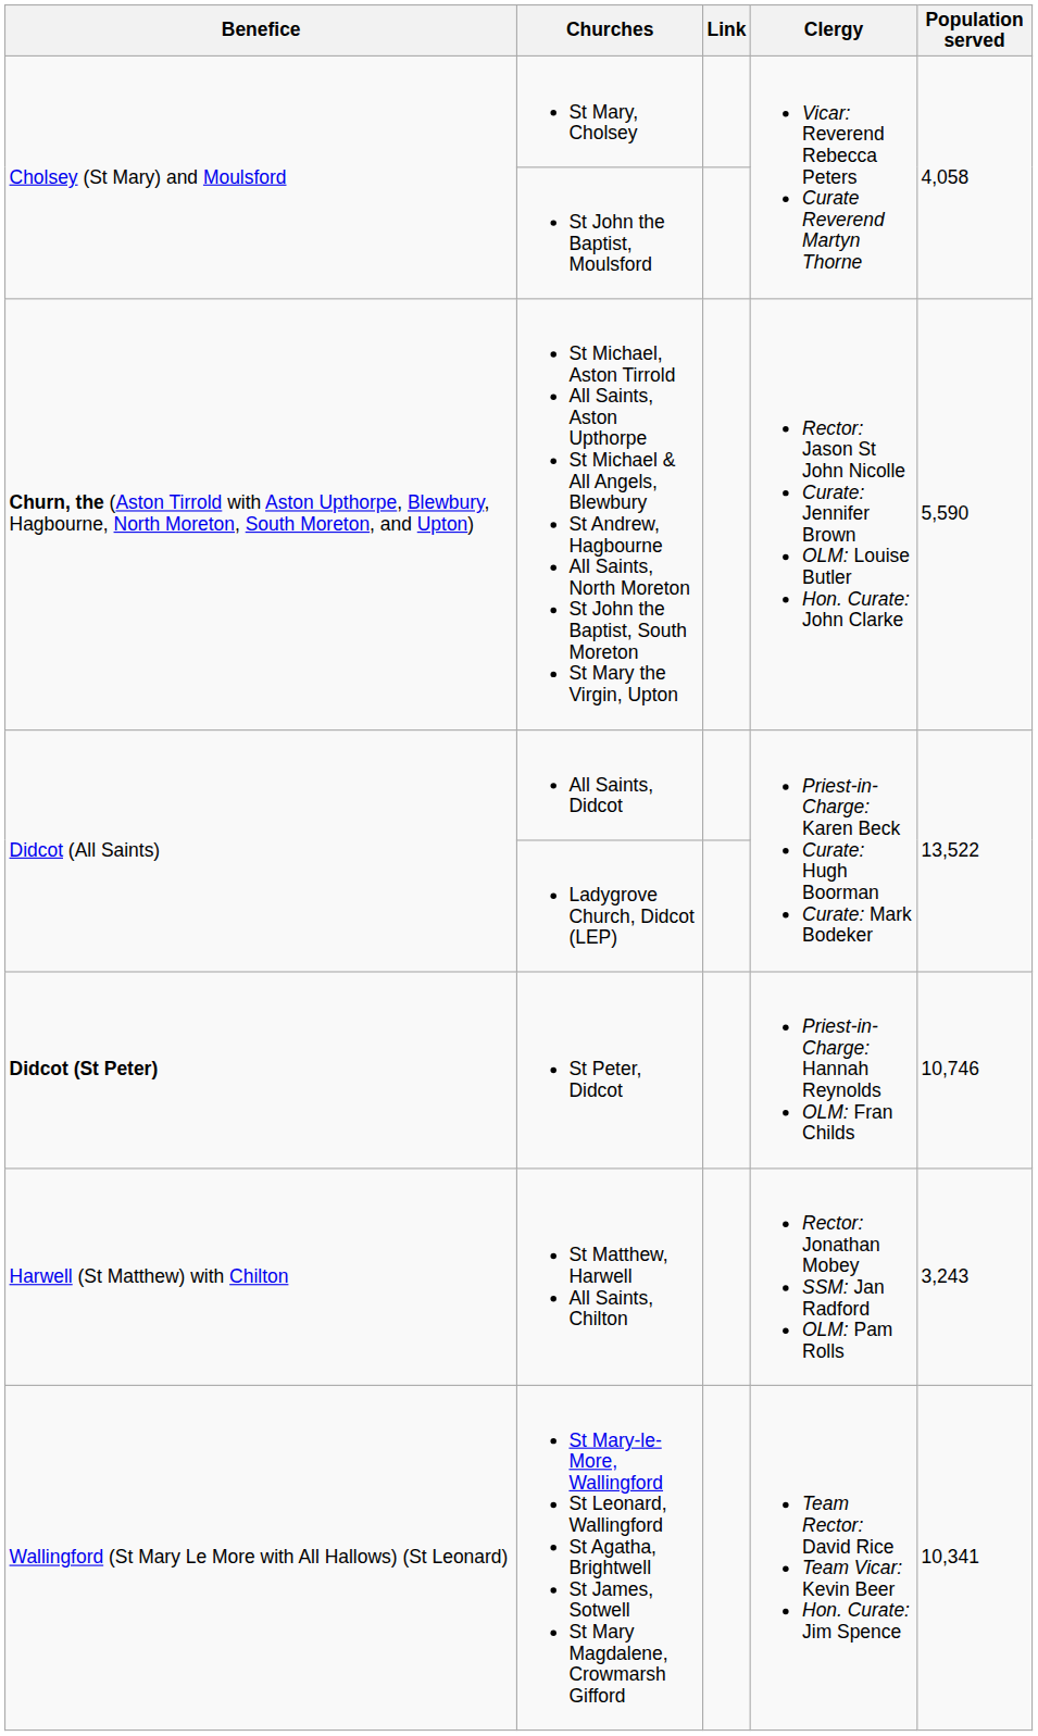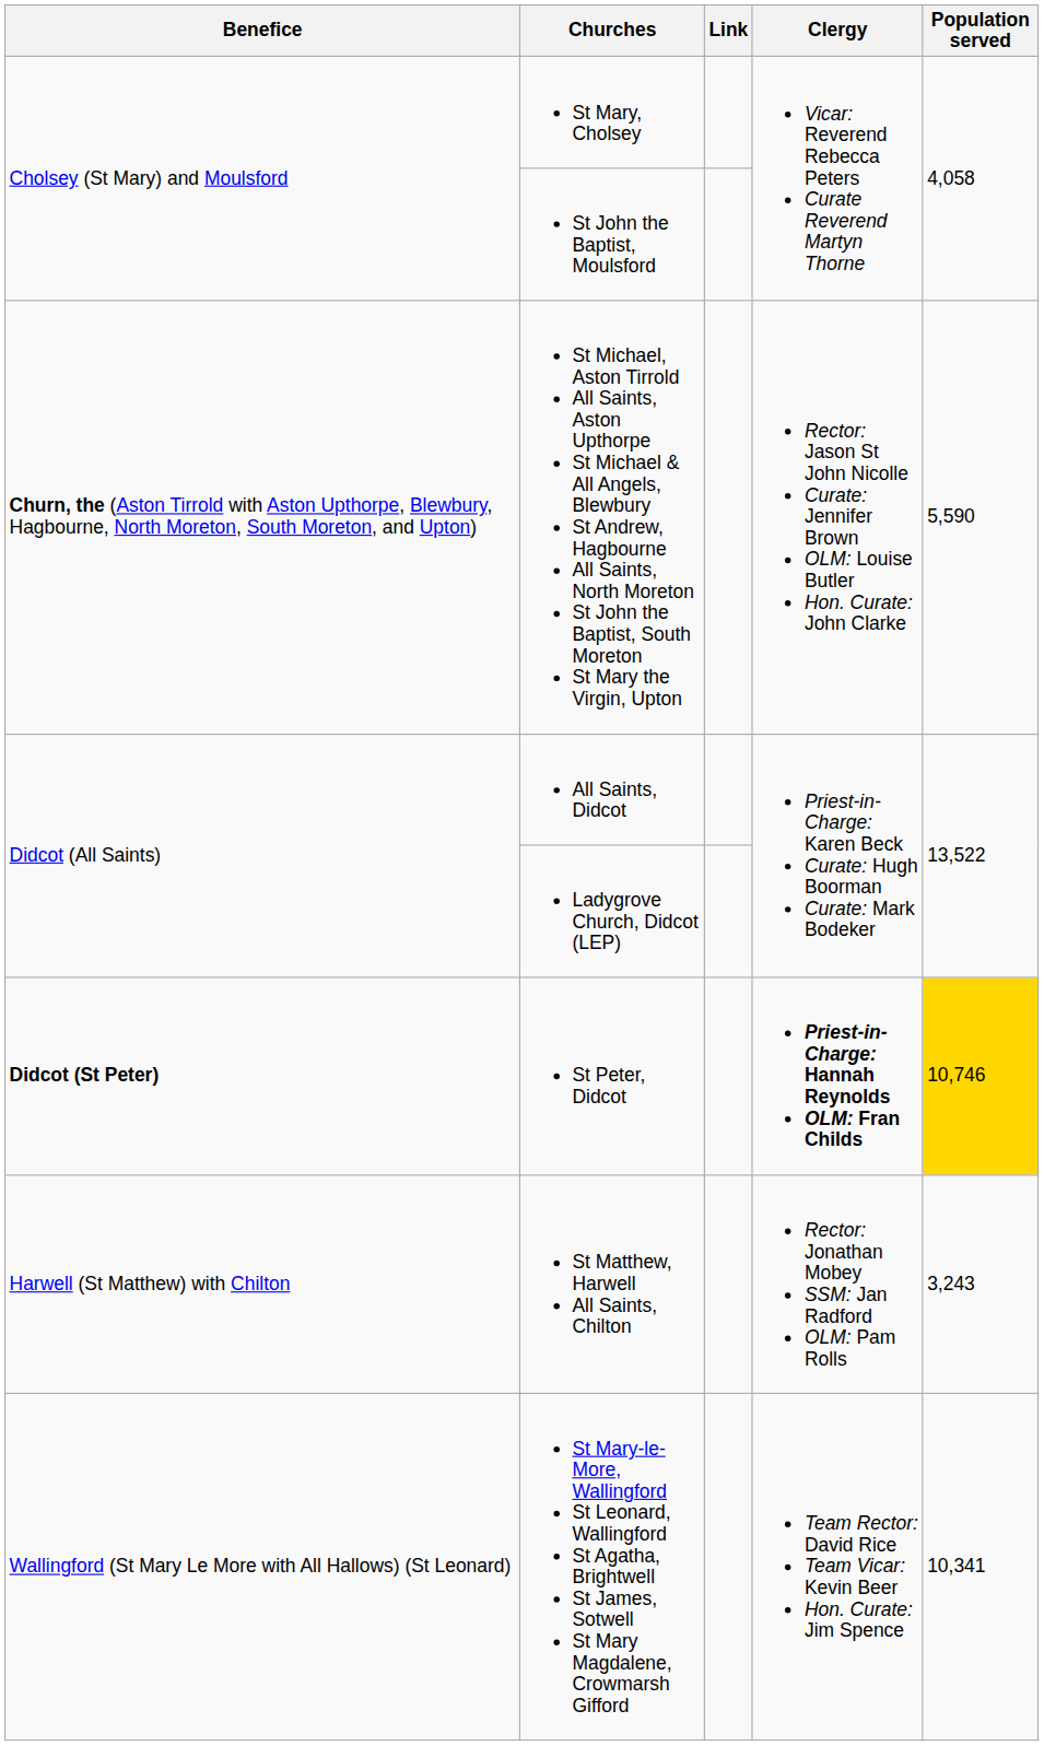 <table class="wikitable">
 <tr>
 <th width="425">Benefice</th>
 <th>Churches</th>
 <th>Link</th>
 <th>Clergy</th>
 <th>Population served</th>
 </tr>
 <tr>
 <td rowspan="2"><a href='#'>Cholsey</a> (St Mary) and <a href='#'>Moulsford</a></td>
 <td><br><ul><li>St Mary, Cholsey</li></ul></td>
 <td></td>
 <td rowspan="2"><br><ul><li><em>Vicar:</em> Reverend Rebecca Peters</li><li><em>Curate Reverend Martyn Thorne</em></li></ul></td>
 <td rowspan="2">4,058</td>
 </tr>
 <tr>
 <td><br><ul><li>St John the Baptist, Moulsford</li></ul></td>
 <td></td>
 </tr>
 <tr>
 <td><strong>Churn, the</strong> (<a href='#'>Aston Tirrold</a> with <a href='#'>Aston Upthorpe</a>, <a href='#'>Blewbury</a>, Hagbourne, <a href='#'>North Moreton</a>, <a href='#'>South Moreton</a>, and <a href='#'>Upton</a>)</td>
 <td><br><ul><li>St Michael, Aston Tirrold</li><li>All Saints, Aston Upthorpe</li><li>St Michael & All Angels, Blewbury</li><li>St Andrew, Hagbourne</li><li>All Saints, North Moreton</li><li>St John the Baptist, South Moreton</li><li>St Mary the Virgin, Upton</li></ul></td>
 <td></td>
 <td><br><ul><li><em>Rector:</em> Jason St John Nicolle</li><li><em>Curate:</em> Jennifer Brown</li><li><em>OLM:</em> Louise Butler</li><li><em>Hon. Curate:</em> John Clarke</li></ul></td>
 <td>5,590</td>
 </tr>
 <tr>
 <td rowspan="2"><a href='#'>Didcot</a> (All Saints)</td>
 <td><br><ul><li>All Saints, Didcot</li></ul></td>
 <td></td>
 <td rowspan="2"><br><ul><li><em>Priest-in-Charge:</em> Karen Beck</li><li><em>Curate:</em> Hugh Boorman</li><li><em>Curate:</em> Mark Bodeker</li></ul></td>
 <td rowspan="2">13,522</td>
 </tr>
 <tr>
 <td><br><ul><li>Ladygrove Church, Didcot (LEP)</li></ul></td>
 <td></td>
 </tr>
 <tr>
 <td><strong>Didcot (St Peter)</strong></td>
 <td><br><ul><li>St Peter, Didcot</li></ul></td>
 <td></td>
-<td><br><ul><li><em>Priest-in-Charge:</em> Hannah Reynolds</li><li><em>OLM:</em> Fran Childs</li></ul></td>
-<td>10,746</td>
+<td><strong><br><ul><li><em>Priest-in-Charge:</em> Hannah Reynolds</li><li><em>OLM:</em> Fran Childs</li></ul></strong></td>
+<td style="background: gold;">10,746</td>
 </tr>
 <tr>
 <td><a href='#'>Harwell</a> (St Matthew) with <a href='#'>Chilton</a></td>
 <td><br><ul><li>St Matthew, Harwell</li><li>All Saints, Chilton</li></ul></td>
 <td></td>
 <td><br><ul><li><em>Rector:</em> Jonathan Mobey</li><li><em>SSM:</em> Jan Radford</li><li><em>OLM:</em> Pam Rolls</li></ul></td>
 <td>3,243</td>
 </tr>
 <tr>
 <td><a href='#'>Wallingford</a> (St Mary Le More with All Hallows) (St Leonard)</td>
 <td><br><ul><li><a href='#'>St Mary-le-More, Wallingford</a> </li><li>St Leonard, Wallingford </li><li>St Agatha, Brightwell</li><li>St James, Sotwell</li><li>St Mary Magdalene, Crowmarsh Gifford</li></ul></td>
 <td></td>
 <td><br><ul><li><em>Team Rector:</em> David Rice</li><li><em>Team Vicar:</em> Kevin Beer</li><li><em>Hon. Curate:</em> Jim Spence</li></ul></td>
 <td>10,341</td>
 </tr>
 </table>
